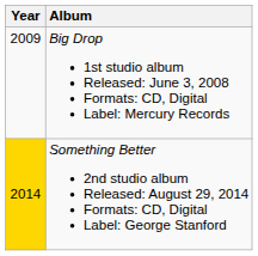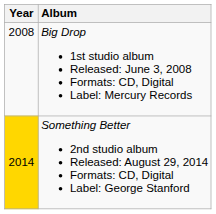 <table class="wikitable">
 <tr>
 <th style="vertical-align:top; text-align:center; width:40px;">Year</th>
 <th style="text-align:left; vertical-align:top;">Album</th>
 </tr>
 <tr>
-<td style="text-align:center; vertical-align:top;">2009</td>
+<td style="text-align:center; vertical-align:top;">2008</td>
 <td style="text-align:left; vertical-align:top;"><em>Big Drop</em><br><div><ul><li>1st studio album</li><li>Released: June 3, 2008</li><li>Formats: CD, Digital</li><li>Label: Mercury Records</div></li></ul></td>
 </tr>
 <tr>
 <td style="background: gold; text-align:center;">2014</td>
 <td style="text-align:left; vertical-align:top;"><em>Something Better</em><br><div><ul><li>2nd studio album</li><li>Released: August 29, 2014</li><li>Formats: CD, Digital</li><li>Label: George Stanford</div></li></ul></td>
 </tr>
 </table>
